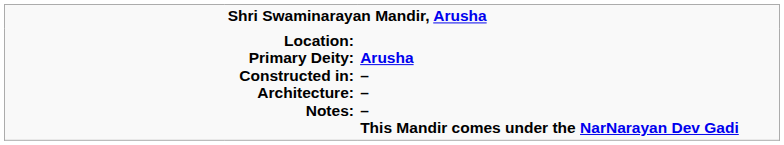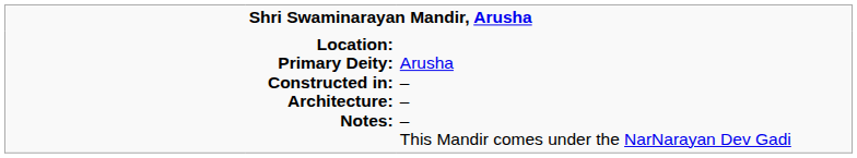 <table class="wikitable plain" border="0" width="800">
 <tr>
 <td width="220px" rowspan="2" style="border:none;"></td>
 <td valign="top" colspan=2 style="border:none;"><strong>Shri Swaminarayan Mandir, <a href='#'>Arusha</a></strong></td>
 </tr>
 <tr>
 <td valign="top" style="text-align:right; border:none;"><strong>Location:</strong><br><strong>Primary Deity:</strong><br><strong>Constructed in:</strong><br><strong>Architecture:</strong><br><strong>Notes:</strong></td>
-<td valign="top" style="border:none;"><strong><br><a href='#'>Arusha</a> <br>– <br>– <br>– <br>This Mandir comes under the <a href='#'>NarNarayan Dev Gadi</a></strong></td>
+<td valign="top" style="border:none;"><br><a href='#'>Arusha</a> <br>– <br>– <br>– <br>This Mandir comes under the <a href='#'>NarNarayan Dev Gadi</a></td>
 </tr>
 </table>
